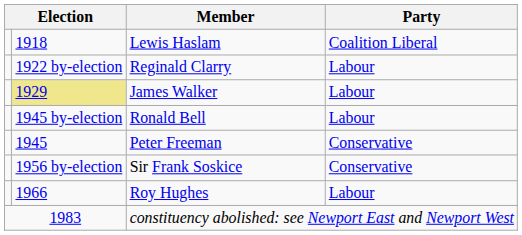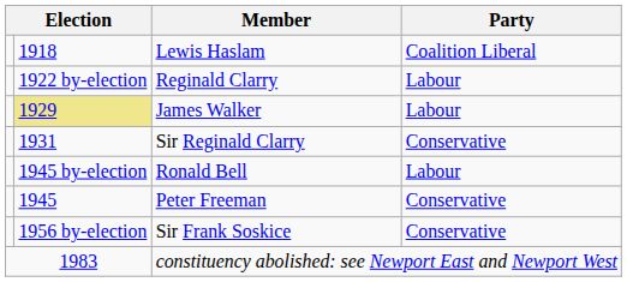 <table class="wikitable">
 <tr>
 <th colspan="2">Election</th>
 <th>Member</th>
 <th>Party</th>
 </tr>
 <tr>
 <td style="color:inherit;background-color: "></td>
 <td><a href='#'>1918</a></td>
 <td><a href='#'>Lewis Haslam</a></td>
 <td><a href='#'>Coalition Liberal</a></td>
 </tr>
 <tr>
 <td style="color:inherit;background-color: "></td>
 <td><a href='#'>1922 by-election</a></td>
 <td><a href='#'>Reginald Clarry</a></td>
 <td><a href='#'>Labour</a></td>
 </tr>
 <tr>
 <td style="color:inherit;background-color: "></td>
 <td style="background: khaki;"><a href='#'>1929</a></td>
 <td><a href='#'>James Walker</a></td>
 <td><a href='#'>Labour</a></td>
 </tr>
 <tr>
 <td style="color:inherit;background-color: "></td>
+<td><a href='#'>1931</a></td>
+<td>Sir <a href='#'>Reginald Clarry</a></td>
+<td><a href='#'>Conservative</a></td>
+</tr>
+<tr>
+<td style="color:inherit;background-color: "></td>
 <td><a href='#'>1945 by-election</a></td>
 <td><a href='#'>Ronald Bell</a></td>
 <td><a href='#'>Labour</a></td>
 </tr>
 <tr>
 <td style="color:inherit;background-color: "></td>
 <td><a href='#'>1945</a></td>
 <td><a href='#'>Peter Freeman</a></td>
 <td><a href='#'>Conservative</a></td>
 </tr>
 <tr>
 <td style="color:inherit;background-color: "></td>
 <td><a href='#'>1956 by-election</a></td>
 <td>Sir <a href='#'>Frank Soskice</a></td>
 <td><a href='#'>Conservative</a></td>
 </tr>
 <tr>
-<td style="color:inherit;background-color: "></td>
-<td><a href='#'>1966</a></td>
-<td><a href='#'>Roy Hughes</a></td>
-<td><a href='#'>Labour</a></td>
-</tr>
-<tr>
 <td colspan="2" align="center"><a href='#'>1983</a></td>
 <td colspan="2"><em>constituency abolished: see <a href='#'>Newport East</a> and <a href='#'>Newport West</a></em></td>
 </tr>
 </table>
